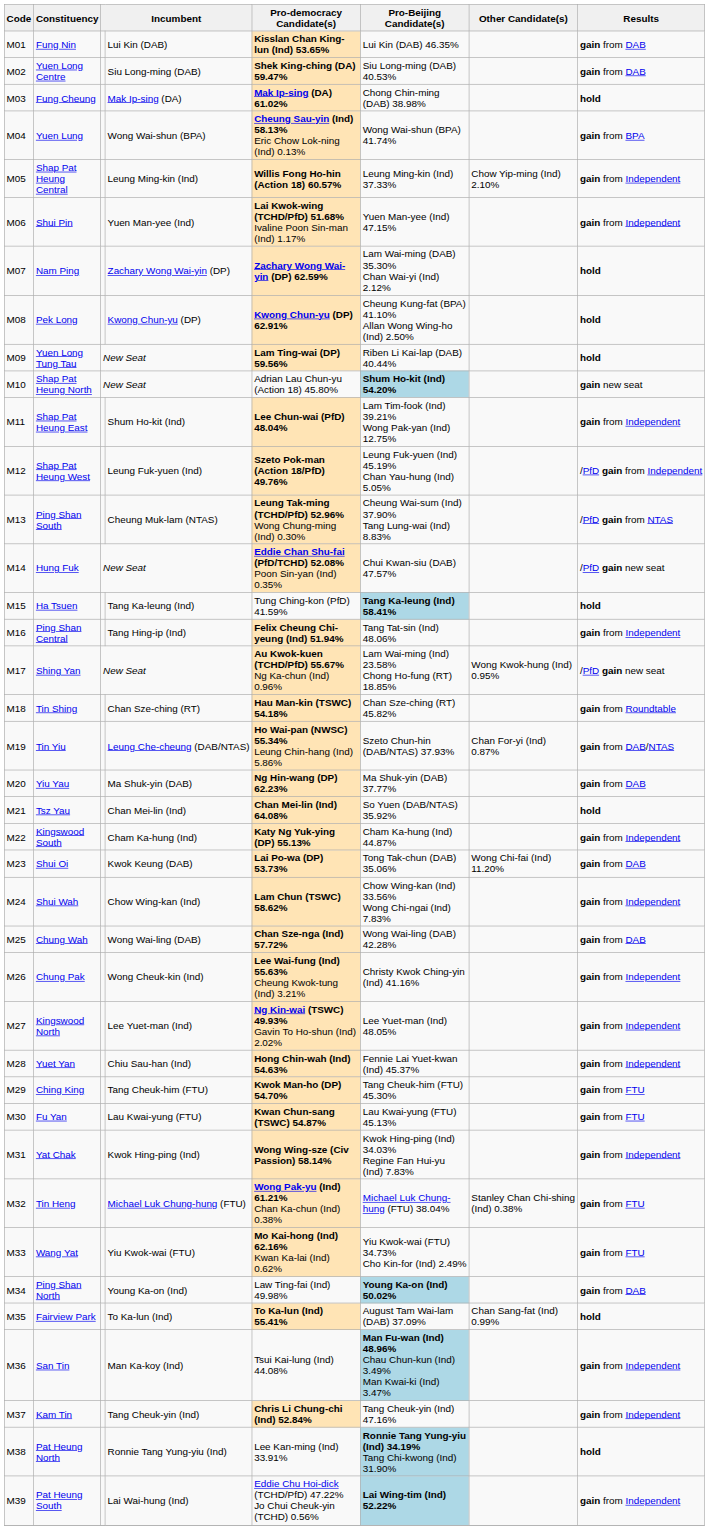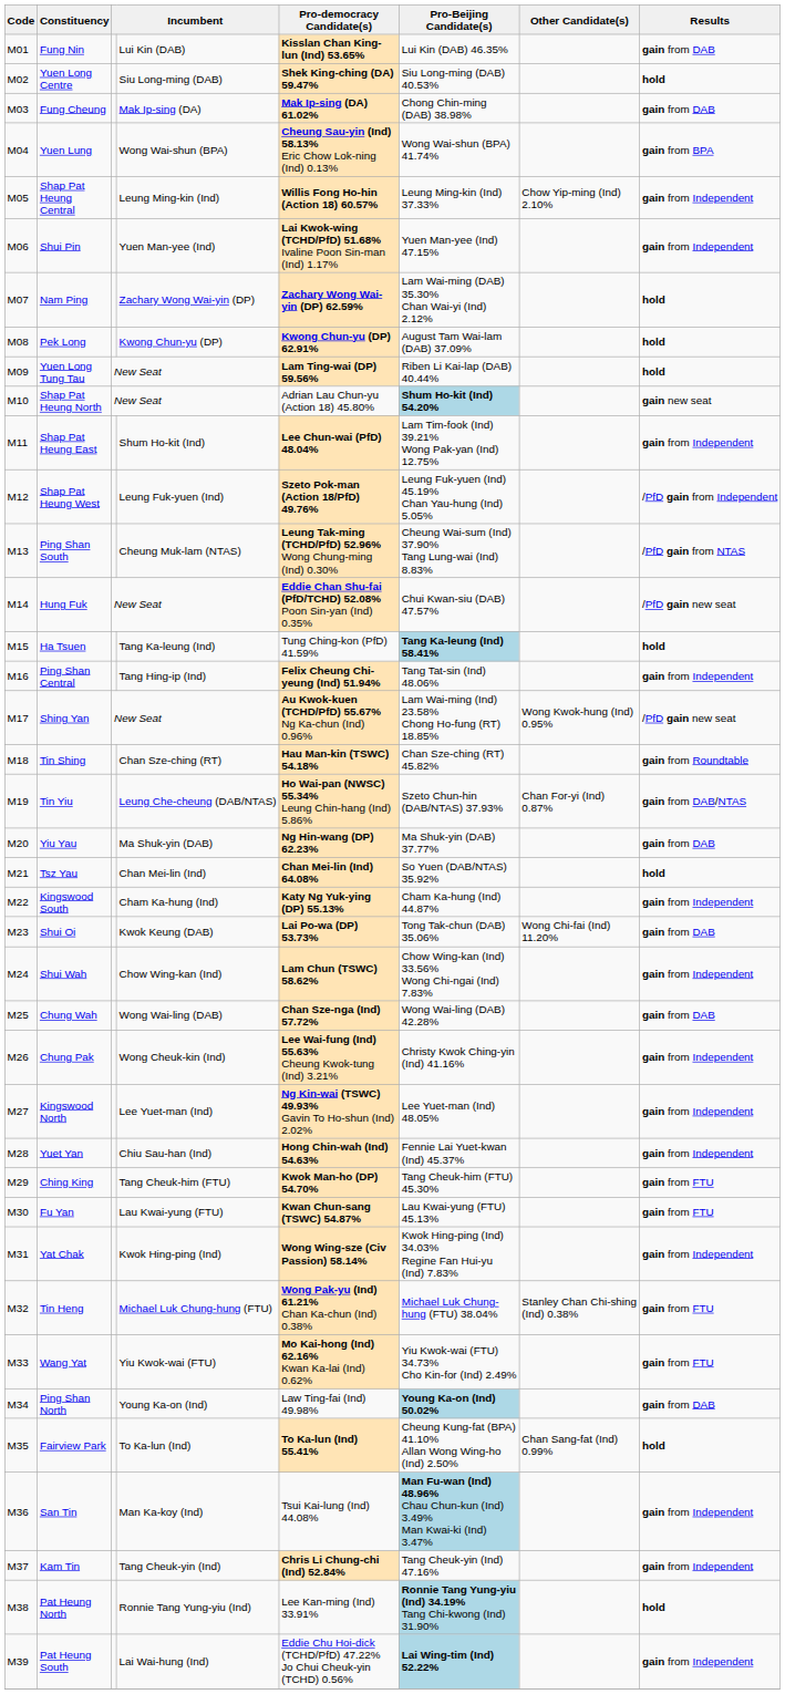 <table class="wikitable sortable" style="font-size: 95%;">
 <tr>
 <th align="center" style="background:#f0f0f0;" width="20px">Code</th>
 <th align="center" style="background:#f0f0f0;" width="90px">Constituency</th>
 <th align="center" style="background:#f0f0f0;" width="120px" colspan=2>Incumbent</th>
 <th align="center" style="background:#f0f0f0;" width="160px">Pro-democracy Candidate(s)</th>
 <th align="center" style="background:#f0f0f0;" width="160px">Pro-Beijing Candidate(s)</th>
 <th align="center" style="background:#f0f0f0;" width="160px">Other Candidate(s)</th>
 <th align="center" style="background:#f0f0f0;" width="100px" colspan="2">Results</th>
 </tr>
 <tr>
 <td>M01</td>
 <td><a href='#'>Fung Nin</a></td>
 <td></td>
 <td>Lui Kin (DAB)</td>
 <td style="background-color:Moccasin"><strong>Kisslan Chan King-lun (Ind) 53.65%</strong></td>
 <td>Lui Kin (DAB) 46.35%</td>
 <td></td>
 <td> <strong>gain</strong> from <a href='#'>DAB</a></td>
 </tr>
 <tr>
 <td>M02</td>
 <td><a href='#'>Yuen Long Centre</a></td>
 <td></td>
 <td>Siu Long-ming (DAB)</td>
 <td style="background-color:Moccasin"><strong>Shek King-ching (DA) 59.47%</strong></td>
 <td>Siu Long-ming (DAB) 40.53%</td>
 <td></td>
-<td> <strong>gain</strong> from <a href='#'>DAB</a></td>
+<td> <strong>hold</strong></td>
 </tr>
 <tr>
 <td>M03</td>
 <td><a href='#'>Fung Cheung</a></td>
 <td></td>
 <td><a href='#'>Mak Ip-sing</a> (DA)</td>
 <td style="background-color:Moccasin"><strong><a href='#'>Mak Ip-sing</a> (DA) 61.02%</strong></td>
 <td>Chong Chin-ming (DAB) 38.98%</td>
 <td></td>
-<td> <strong>hold</strong></td>
+<td> <strong>gain</strong> from <a href='#'>DAB</a></td>
 </tr>
 <tr>
 <td>M04</td>
 <td><a href='#'>Yuen Lung</a></td>
 <td></td>
 <td>Wong Wai-shun (BPA)</td>
 <td style="background-color:Moccasin"><strong><a href='#'>Cheung Sau-yin</a> (Ind) 58.13%</strong><br>Eric Chow Lok-ning (Ind) 0.13%</td>
 <td>Wong Wai-shun (BPA) 41.74%</td>
 <td></td>
 <td> <strong>gain</strong> from <a href='#'>BPA</a></td>
 </tr>
 <tr>
 <td>M05</td>
 <td><a href='#'>Shap Pat Heung Central</a></td>
 <td></td>
 <td>Leung Ming-kin (Ind)</td>
 <td style="background-color:Moccasin"><strong>Willis Fong Ho-hin (Action 18) 60.57%</strong></td>
 <td>Leung Ming-kin (Ind) 37.33%</td>
 <td>Chow Yip-ming (Ind) 2.10%</td>
 <td> <strong>gain</strong> from <a href='#'>Independent</a></td>
 </tr>
 <tr>
 <td>M06</td>
 <td><a href='#'>Shui Pin</a></td>
 <td></td>
 <td>Yuen Man-yee (Ind)</td>
 <td style="background-color:Moccasin"><strong>Lai Kwok-wing (TCHD/PfD) 51.68%</strong><br>Ivaline Poon Sin-man (Ind) 1.17%</td>
 <td>Yuen Man-yee (Ind) 47.15%</td>
 <td></td>
 <td> <strong>gain</strong> from <a href='#'>Independent</a></td>
 </tr>
 <tr>
 <td>M07</td>
 <td><a href='#'>Nam Ping</a></td>
 <td></td>
 <td><a href='#'>Zachary Wong Wai-yin</a> (DP)</td>
 <td style="background-color:Moccasin"><strong><a href='#'>Zachary Wong Wai-yin</a> (DP) 62.59%</strong></td>
 <td>Lam Wai-ming (DAB) 35.30%<br>Chan Wai-yi (Ind) 2.12%</td>
 <td></td>
 <td> <strong>hold</strong></td>
 </tr>
 <tr>
 <td>M08</td>
 <td><a href='#'>Pek Long</a></td>
 <td></td>
 <td><a href='#'>Kwong Chun-yu</a> (DP)</td>
 <td style="background-color:Moccasin"><strong><a href='#'>Kwong Chun-yu</a> (DP) 62.91%</strong></td>
-<td>Cheung Kung-fat (BPA) 41.10%<br>Allan Wong Wing-ho (Ind) 2.50%</td>
+<td>August Tam Wai-lam (DAB) 37.09%</td>
 <td></td>
 <td> <strong>hold</strong></td>
 </tr>
 <tr>
 <td>M09</td>
 <td><a href='#'>Yuen Long Tung Tau</a></td>
 <td colspan=2><em>New Seat</em></td>
 <td style="background-color:Moccasin"><strong>Lam Ting-wai (DP) 59.56%</strong></td>
 <td>Riben Li Kai-lap (DAB) 40.44%</td>
 <td></td>
 <td> <strong>hold</strong></td>
 </tr>
 <tr>
 <td>M10</td>
 <td><a href='#'>Shap Pat Heung North</a></td>
 <td colspan=2><em>New Seat</em></td>
 <td>Adrian Lau Chun-yu (Action 18) 45.80%</td>
 <td style="background-color:LightBlue"><strong>Shum Ho-kit (Ind) 54.20%</strong></td>
 <td></td>
 <td> <strong>gain</strong> new seat</td>
 </tr>
 <tr>
 <td>M11</td>
 <td><a href='#'>Shap Pat Heung East</a></td>
 <td></td>
 <td>Shum Ho-kit (Ind)</td>
 <td style="background-color:Moccasin"><strong>Lee Chun-wai (PfD) 48.04%</strong></td>
 <td>Lam Tim-fook (Ind) 39.21%<br>Wong Pak-yan (Ind) 12.75%</td>
 <td></td>
 <td> <strong>gain</strong> from <a href='#'>Independent</a></td>
 </tr>
 <tr>
 <td>M12</td>
 <td><a href='#'>Shap Pat Heung West</a></td>
 <td></td>
 <td>Leung Fuk-yuen (Ind)</td>
 <td style="background-color:Moccasin"><strong>Szeto Pok-man (Action 18/PfD) 49.76%</strong></td>
 <td>Leung Fuk-yuen (Ind) 45.19%<br>Chan Yau-hung (Ind) 5.05%</td>
 <td></td>
 <td>/<a href='#'>PfD</a> <strong>gain</strong> from <a href='#'>Independent</a></td>
 </tr>
 <tr>
 <td>M13</td>
 <td><a href='#'>Ping Shan South</a></td>
 <td></td>
 <td>Cheung Muk-lam (NTAS)</td>
 <td style="background-color:Moccasin"><strong>Leung Tak-ming (TCHD/PfD) 52.96%</strong><br>Wong Chung-ming (Ind) 0.30%</td>
 <td>Cheung Wai-sum (Ind) 37.90%<br>Tang Lung-wai (Ind) 8.83%</td>
 <td></td>
 <td>/<a href='#'>PfD</a> <strong>gain</strong> from <a href='#'>NTAS</a></td>
 </tr>
 <tr>
 <td>M14</td>
 <td><a href='#'>Hung Fuk</a></td>
 <td colspan=2><em>New Seat</em></td>
 <td style="background-color:Moccasin"><strong><a href='#'>Eddie Chan Shu-fai</a> (PfD/TCHD) 52.08%</strong><br>Poon Sin-yan (Ind) 0.35%</td>
 <td>Chui Kwan-siu (DAB) 47.57%</td>
 <td></td>
 <td>/<a href='#'>PfD</a> <strong>gain</strong> new seat</td>
 </tr>
 <tr>
 <td>M15</td>
 <td><a href='#'>Ha Tsuen</a></td>
 <td></td>
 <td>Tang Ka-leung (Ind)</td>
 <td>Tung Ching-kon (PfD) 41.59%</td>
 <td style="background-color:LightBlue"><strong>Tang Ka-leung (Ind) 58.41%</strong></td>
 <td></td>
 <td> <strong>hold</strong></td>
 </tr>
 <tr>
 <td>M16</td>
 <td><a href='#'>Ping Shan Central</a></td>
 <td></td>
 <td>Tang Hing-ip (Ind)</td>
 <td style="background-color:Moccasin"><strong>Felix Cheung Chi-yeung (Ind) 51.94%</strong></td>
 <td>Tang Tat-sin (Ind) 48.06%</td>
 <td></td>
 <td> <strong>gain</strong> from <a href='#'>Independent</a></td>
 </tr>
 <tr>
 <td>M17</td>
 <td><a href='#'>Shing Yan</a></td>
 <td colspan=2><em>New Seat</em></td>
 <td style="background-color:Moccasin"><strong>Au Kwok-kuen (TCHD/PfD) 55.67%</strong><br>Ng Ka-chun (Ind) 0.96%</td>
 <td>Lam Wai-ming (Ind) 23.58%<br>Chong Ho-fung (RT) 18.85%</td>
 <td>Wong Kwok-hung (Ind) 0.95%</td>
 <td>/<a href='#'>PfD</a> <strong>gain</strong> new seat</td>
 </tr>
 <tr>
 <td>M18</td>
 <td><a href='#'>Tin Shing</a></td>
 <td></td>
 <td>Chan Sze-ching (RT)</td>
 <td style="background-color:Moccasin"><strong>Hau Man-kin (TSWC) 54.18%</strong></td>
 <td>Chan Sze-ching (RT) 45.82%</td>
 <td></td>
 <td> <strong>gain</strong> from <a href='#'>Roundtable</a></td>
 </tr>
 <tr>
 <td>M19</td>
 <td><a href='#'>Tin Yiu</a></td>
 <td></td>
 <td><a href='#'>Leung Che-cheung</a> (DAB/NTAS)</td>
 <td style="background-color:Moccasin"><strong>Ho Wai-pan (NWSC) 55.34%</strong><br>Leung Chin-hang (Ind) 5.86%</td>
 <td>Szeto Chun-hin (DAB/NTAS) 37.93%</td>
 <td>Chan For-yi (Ind) 0.87%</td>
 <td> <strong>gain</strong> from <a href='#'>DAB</a>/<a href='#'>NTAS</a></td>
 </tr>
 <tr>
 <td>M20</td>
 <td><a href='#'>Yiu Yau</a></td>
 <td></td>
 <td>Ma Shuk-yin (DAB)</td>
 <td style="background-color:Moccasin"><strong>Ng Hin-wang (DP) 62.23%</strong></td>
 <td>Ma Shuk-yin (DAB) 37.77%</td>
 <td></td>
 <td> <strong>gain</strong> from <a href='#'>DAB</a></td>
 </tr>
 <tr>
 <td>M21</td>
 <td><a href='#'>Tsz Yau</a></td>
 <td></td>
 <td>Chan Mei-lin (Ind)</td>
 <td style="background-color:Moccasin"><strong>Chan Mei-lin (Ind) 64.08%</strong></td>
 <td>So Yuen (DAB/NTAS) 35.92%</td>
 <td></td>
 <td> <strong>hold</strong></td>
 </tr>
 <tr>
 <td>M22</td>
 <td><a href='#'>Kingswood South</a></td>
 <td></td>
 <td>Cham Ka-hung (Ind)</td>
 <td style="background-color:Moccasin"><strong>Katy Ng Yuk-ying (DP) 55.13%</strong></td>
 <td>Cham Ka-hung (Ind) 44.87%</td>
 <td></td>
 <td> <strong>gain</strong> from <a href='#'>Independent</a></td>
 </tr>
 <tr>
 <td>M23</td>
 <td><a href='#'>Shui Oi</a></td>
 <td></td>
 <td>Kwok Keung (DAB)</td>
 <td style="background-color:Moccasin"><strong>Lai Po-wa (DP) 53.73%</strong></td>
 <td>Tong Tak-chun (DAB) 35.06%</td>
 <td>Wong Chi-fai (Ind) 11.20%</td>
 <td> <strong>gain</strong> from <a href='#'>DAB</a></td>
 </tr>
 <tr>
 <td>M24</td>
 <td><a href='#'>Shui Wah</a></td>
 <td></td>
 <td>Chow Wing-kan (Ind)</td>
 <td style="background-color:Moccasin"><strong>Lam Chun (TSWC) 58.62%</strong></td>
 <td>Chow Wing-kan (Ind) 33.56%<br>Wong Chi-ngai (Ind) 7.83%</td>
 <td></td>
 <td> <strong>gain</strong> from <a href='#'>Independent</a></td>
 </tr>
 <tr>
 <td>M25</td>
 <td><a href='#'>Chung Wah</a></td>
 <td></td>
 <td>Wong Wai-ling (DAB)</td>
 <td style="background-color:Moccasin"><strong>Chan Sze-nga (Ind) 57.72%</strong></td>
 <td>Wong Wai-ling (DAB) 42.28%</td>
 <td></td>
 <td> <strong>gain</strong> from <a href='#'>DAB</a></td>
 </tr>
 <tr>
 <td>M26</td>
 <td><a href='#'>Chung Pak</a></td>
 <td></td>
 <td>Wong Cheuk-kin (Ind)</td>
 <td style="background-color:Moccasin"><strong>Lee Wai-fung (Ind) 55.63%</strong><br>Cheung Kwok-tung (Ind) 3.21%</td>
 <td>Christy Kwok Ching-yin (Ind) 41.16%</td>
 <td></td>
 <td> <strong>gain</strong> from <a href='#'>Independent</a></td>
 </tr>
 <tr>
 <td>M27</td>
 <td><a href='#'>Kingswood North</a></td>
 <td></td>
 <td>Lee Yuet-man (Ind)</td>
 <td style="background-color:Moccasin"><strong><a href='#'>Ng Kin-wai</a> (TSWC) 49.93%</strong><br>Gavin To Ho-shun (Ind) 2.02%</td>
 <td>Lee Yuet-man (Ind) 48.05%</td>
 <td></td>
 <td> <strong>gain</strong> from <a href='#'>Independent</a></td>
 </tr>
 <tr>
 <td>M28</td>
 <td><a href='#'>Yuet Yan</a></td>
 <td></td>
 <td>Chiu Sau-han (Ind)</td>
 <td style="background-color:Moccasin"><strong>Hong Chin-wah (Ind) 54.63%</strong></td>
 <td>Fennie Lai Yuet-kwan (Ind) 45.37%</td>
 <td></td>
 <td> <strong>gain</strong> from <a href='#'>Independent</a></td>
 </tr>
 <tr>
 <td>M29</td>
 <td><a href='#'>Ching King</a></td>
 <td></td>
 <td>Tang Cheuk-him (FTU)</td>
 <td style="background-color:Moccasin"><strong>Kwok Man-ho (DP) 54.70%</strong></td>
 <td>Tang Cheuk-him (FTU) 45.30%</td>
 <td></td>
 <td> <strong>gain</strong> from <a href='#'>FTU</a></td>
 </tr>
 <tr>
 <td>M30</td>
 <td><a href='#'>Fu Yan</a></td>
 <td></td>
 <td>Lau Kwai-yung (FTU)</td>
 <td style="background-color:Moccasin"><strong>Kwan Chun-sang (TSWC) 54.87%</strong></td>
 <td>Lau Kwai-yung (FTU) 45.13%</td>
 <td></td>
 <td> <strong>gain</strong> from <a href='#'>FTU</a></td>
 </tr>
 <tr>
 <td>M31</td>
 <td><a href='#'>Yat Chak</a></td>
 <td></td>
 <td>Kwok Hing-ping (Ind)</td>
 <td style="background-color:Moccasin"><strong>Wong Wing-sze (Civ Passion) 58.14%</strong></td>
 <td>Kwok Hing-ping (Ind) 34.03%<br>Regine Fan Hui-yu (Ind) 7.83%</td>
 <td></td>
 <td> <strong>gain</strong> from <a href='#'>Independent</a></td>
 </tr>
 <tr>
 <td>M32</td>
 <td><a href='#'>Tin Heng</a></td>
 <td></td>
 <td><a href='#'>Michael Luk Chung-hung</a> (FTU)</td>
 <td style="background-color:Moccasin"><strong><a href='#'>Wong Pak-yu</a> (Ind) 61.21%</strong><br>Chan Ka-chun (Ind) 0.38%</td>
 <td><a href='#'>Michael Luk Chung-hung</a> (FTU) 38.04%</td>
 <td>Stanley Chan Chi-shing (Ind) 0.38%</td>
 <td> <strong>gain</strong> from <a href='#'>FTU</a></td>
 </tr>
 <tr>
 <td>M33</td>
 <td><a href='#'>Wang Yat</a></td>
 <td></td>
 <td>Yiu Kwok-wai (FTU)</td>
 <td style="background-color:Moccasin"><strong>Mo Kai-hong (Ind) 62.16%</strong><br>Kwan Ka-lai (Ind) 0.62%</td>
 <td>Yiu Kwok-wai (FTU) 34.73%<br>Cho Kin-for (Ind) 2.49%</td>
 <td></td>
 <td> <strong>gain</strong> from <a href='#'>FTU</a></td>
 </tr>
 <tr>
 <td>M34</td>
 <td><a href='#'>Ping Shan North</a></td>
 <td></td>
 <td>Young Ka-on (Ind)</td>
 <td>Law Ting-fai (Ind) 49.98%</td>
 <td style="background-color:LightBlue"><strong>Young Ka-on (Ind) 50.02%</strong></td>
 <td></td>
 <td> <strong>gain</strong> from <a href='#'>DAB</a></td>
 </tr>
 <tr>
 <td>M35</td>
 <td><a href='#'>Fairview Park</a></td>
 <td></td>
 <td>To Ka-lun (Ind)</td>
 <td style="background-color:Moccasin"><strong>To Ka-lun (Ind) 55.41%</strong></td>
-<td>August Tam Wai-lam (DAB) 37.09%</td>
+<td>Cheung Kung-fat (BPA) 41.10%<br>Allan Wong Wing-ho (Ind) 2.50%</td>
 <td>Chan Sang-fat (Ind) 0.99%</td>
 <td> <strong>hold</strong></td>
 </tr>
 <tr>
 <td>M36</td>
 <td><a href='#'>San Tin</a></td>
 <td></td>
 <td>Man Ka-koy (Ind)</td>
 <td>Tsui Kai-lung (Ind) 44.08%</td>
 <td style="background-color:LightBlue"><strong>Man Fu-wan (Ind) 48.96%</strong><br>Chau Chun-kun (Ind) 3.49%<br>Man Kwai-ki (Ind) 3.47%</td>
 <td></td>
 <td> <strong>gain</strong> from <a href='#'>Independent</a></td>
 </tr>
 <tr>
 <td>M37</td>
 <td><a href='#'>Kam Tin</a></td>
 <td></td>
 <td>Tang Cheuk-yin (Ind)</td>
 <td style="background-color:Moccasin"><strong>Chris Li Chung-chi (Ind) 52.84%</strong></td>
 <td>Tang Cheuk-yin (Ind) 47.16%</td>
 <td></td>
 <td> <strong>gain</strong> from <a href='#'>Independent</a></td>
 </tr>
 <tr>
 <td>M38</td>
 <td><a href='#'>Pat Heung North</a></td>
 <td></td>
 <td>Ronnie Tang Yung-yiu (Ind)</td>
 <td>Lee Kan-ming (Ind) 33.91%</td>
 <td style="background-color:LightBlue"><strong>Ronnie Tang Yung-yiu (Ind) 34.19%</strong><br>Tang Chi-kwong (Ind) 31.90%</td>
 <td></td>
 <td> <strong>hold</strong></td>
 </tr>
 <tr>
 <td>M39</td>
 <td><a href='#'>Pat Heung South</a></td>
 <td></td>
 <td>Lai Wai-hung (Ind)</td>
 <td><a href='#'>Eddie Chu Hoi-dick</a> (TCHD/PfD) 47.22%<br>Jo Chui Cheuk-yin (TCHD) 0.56%</td>
 <td style="background-color:LightBlue"><strong>Lai Wing-tim (Ind) 52.22%</strong></td>
 <td></td>
 <td> <strong>gain</strong> from <a href='#'>Independent</a></td>
 </tr>
 <tr>
 </tr>
 </table>
